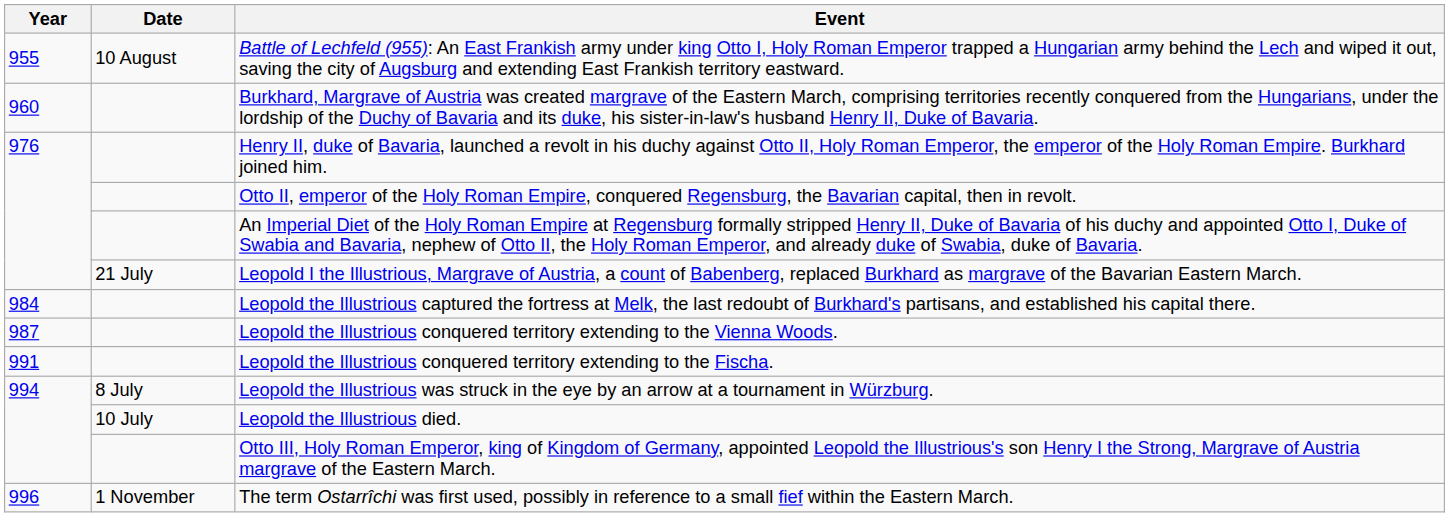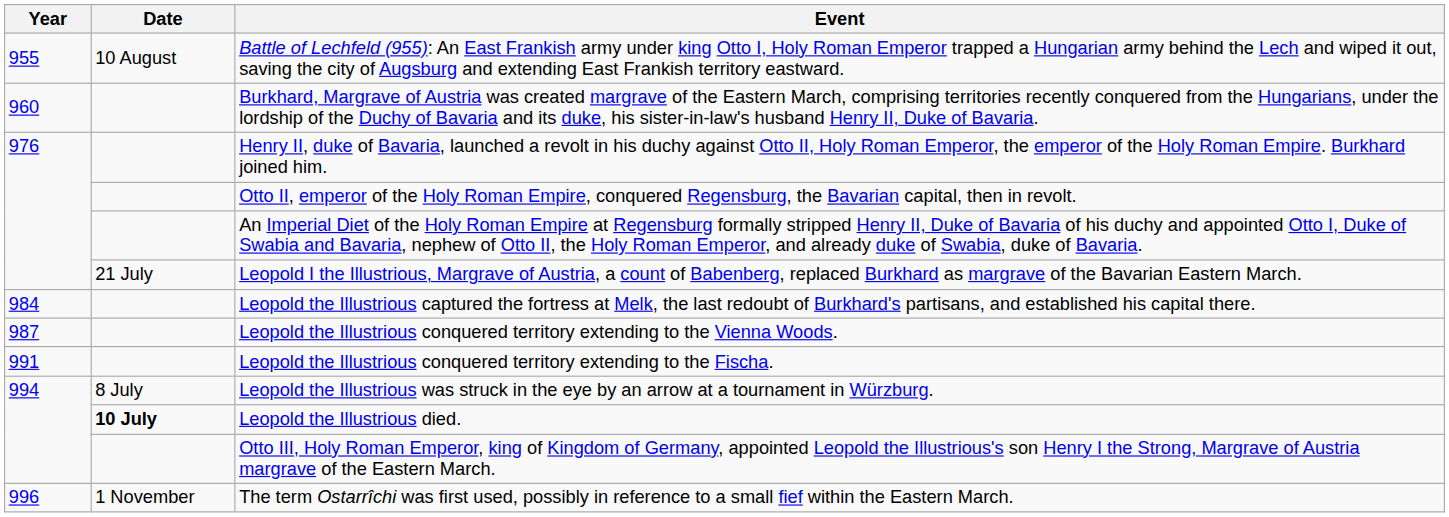 <table class="wikitable" width="100%">
 <tr>
 <th style="width: 6%;">Year</th>
 <th style="width: 10%;">Date</th>
 <th>Event</th>
 </tr>
 <tr>
 <td><a href='#'>955</a></td>
 <td>10 August</td>
 <td><em><a href='#'>Battle of Lechfeld (955)</a></em>: An <a href='#'>East Frankish</a> army under <a href='#'>king</a> <a href='#'>Otto I, Holy Roman Emperor</a> trapped a <a href='#'>Hungarian</a> army behind the <a href='#'>Lech</a> and wiped it out, saving the city of <a href='#'>Augsburg</a> and extending East Frankish territory eastward.</td>
 </tr>
 <tr>
 <td><a href='#'>960</a></td>
 <td></td>
 <td><a href='#'>Burkhard, Margrave of Austria</a> was created <a href='#'>margrave</a> of the Eastern March, comprising territories recently conquered from the <a href='#'>Hungarians</a>, under the lordship of the <a href='#'>Duchy of Bavaria</a> and its <a href='#'>duke</a>, his sister-in-law's husband <a href='#'>Henry II, Duke of Bavaria</a>.</td>
 </tr>
 <tr>
 <td rowspan="4" valign="top"><a href='#'>976</a></td>
 <td></td>
 <td><a href='#'>Henry II</a>, <a href='#'>duke</a> of <a href='#'>Bavaria</a>, launched a revolt in his duchy against <a href='#'>Otto II, Holy Roman Emperor</a>, the <a href='#'>emperor</a> of the <a href='#'>Holy Roman Empire</a>.  <a href='#'>Burkhard</a> joined him.</td>
 </tr>
 <tr>
 <td></td>
 <td><a href='#'>Otto II</a>, <a href='#'>emperor</a> of the <a href='#'>Holy Roman Empire</a>, conquered <a href='#'>Regensburg</a>, the <a href='#'>Bavarian</a> capital, then in revolt.</td>
 </tr>
 <tr>
 <td></td>
 <td>An <a href='#'>Imperial Diet</a> of the <a href='#'>Holy Roman Empire</a> at <a href='#'>Regensburg</a> formally stripped <a href='#'>Henry II, Duke of Bavaria</a> of his duchy and appointed <a href='#'>Otto I, Duke of Swabia and Bavaria</a>, nephew of <a href='#'>Otto II</a>, the <a href='#'>Holy Roman Emperor</a>, and already <a href='#'>duke</a> of <a href='#'>Swabia</a>, duke of <a href='#'>Bavaria</a>.</td>
 </tr>
 <tr>
 <td>21 July</td>
 <td><a href='#'>Leopold I the Illustrious, Margrave of Austria</a>, a <a href='#'>count</a> of <a href='#'>Babenberg</a>, replaced <a href='#'>Burkhard</a> as <a href='#'>margrave</a> of the Bavarian Eastern March.</td>
 </tr>
 <tr>
 <td><a href='#'>984</a></td>
 <td></td>
 <td><a href='#'>Leopold the Illustrious</a> captured the fortress at <a href='#'>Melk</a>, the last redoubt of <a href='#'>Burkhard's</a> partisans, and established his capital there.</td>
 </tr>
 <tr>
 <td><a href='#'>987</a></td>
 <td></td>
 <td><a href='#'>Leopold the Illustrious</a> conquered territory extending to the <a href='#'>Vienna Woods</a>.</td>
 </tr>
 <tr>
 <td><a href='#'>991</a></td>
 <td></td>
 <td><a href='#'>Leopold the Illustrious</a> conquered territory extending to the <a href='#'>Fischa</a>.</td>
 </tr>
 <tr>
 <td rowspan="3" valign="top"><a href='#'>994</a></td>
 <td>8 July</td>
 <td><a href='#'>Leopold the Illustrious</a> was struck in the eye by an arrow at a tournament in <a href='#'>Würzburg</a>.</td>
 </tr>
 <tr>
-<td>10 July</td>
+<td><strong>10 July</strong></td>
 <td><a href='#'>Leopold the Illustrious</a> died.</td>
 </tr>
 <tr>
 <td></td>
 <td><a href='#'>Otto III, Holy Roman Emperor</a>, <a href='#'>king</a> of <a href='#'>Kingdom of Germany</a>, appointed <a href='#'>Leopold the Illustrious's</a> son <a href='#'>Henry I the Strong, Margrave of Austria</a> <a href='#'>margrave</a> of the Eastern March.</td>
 </tr>
 <tr>
 <td><a href='#'>996</a></td>
 <td>1 November</td>
 <td>The term <em>Ostarrîchi</em> was first used, possibly in reference to a small <a href='#'>fief</a> within the Eastern March.</td>
 </tr>
 </table>
